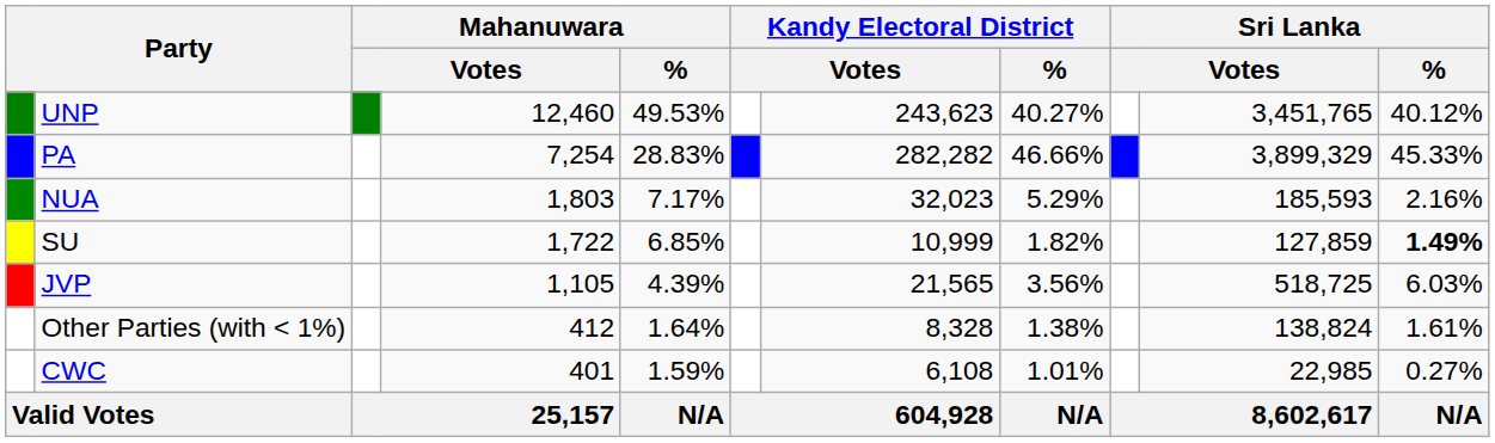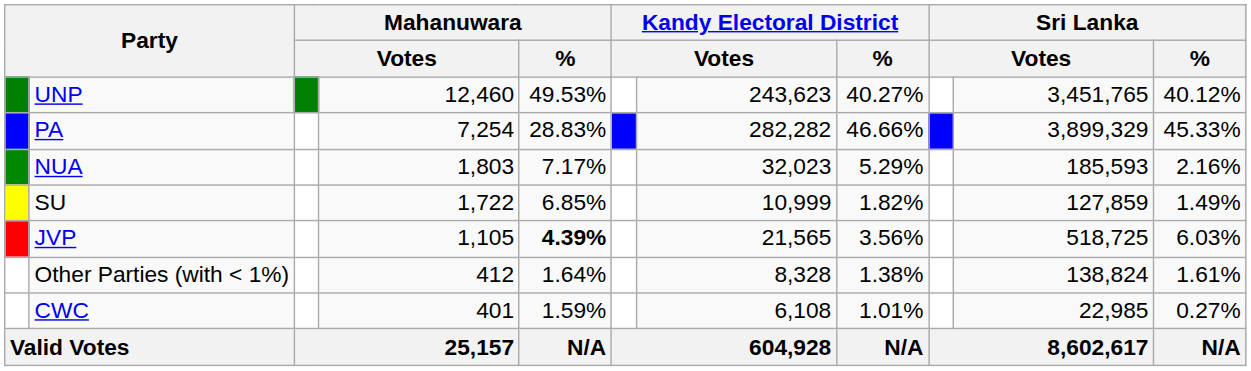 <table class="wikitable">
 <tr>
 <th colspan="2" width="144px"rowspan="2">Party</th>
 <th colspan="3" width="216px">Mahanuwara</th>
 <th colspan="3" width="216px"><a href='#'>Kandy Electoral District</a></th>
 <th colspan="3" width="216px">Sri Lanka</th>
 </tr>
 <tr>
 <th colspan="2" width="144px">Votes</th>
 <th>%</th>
 <th colspan="2" width="144px">Votes</th>
 <th>%</th>
 <th colspan="2" width="144px">Votes</th>
 <th>%</th>
 </tr>
 <tr>
 <td style="background-color:green;" width="10px"></td>
 <td style="text-align:left;"><a href='#'>UNP</a></td>
 <td style="background-color:green;" width="10px"></td>
 <td style="text-align:right;">12,460</td>
 <td style="text-align:right;">49.53%</td>
 <td style="background-color:white;" width="10px"></td>
 <td style="text-align:right;">243,623</td>
 <td style="text-align:right;">40.27%</td>
 <td style="background-color:white;" width="10px"></td>
 <td style="text-align:right;">3,451,765</td>
 <td style="text-align:right;">40.12%</td>
 </tr>
 <tr>
 <td style="background-color:blue;" width="10px"></td>
 <td style="text-align:left;"><a href='#'>PA</a></td>
 <td style="background-color:white;" width="10px"></td>
 <td style="text-align:right;">7,254</td>
 <td style="text-align:right;">28.83%</td>
 <td style="background-color:blue;" width="10px"></td>
 <td style="text-align:right;">282,282</td>
 <td style="text-align:right;">46.66%</td>
 <td style="background-color:blue;" width="10px"></td>
 <td style="text-align:right;">3,899,329</td>
 <td style="text-align:right;">45.33%</td>
 </tr>
 <tr>
 <td style="background-color:#008800;" width="10px"></td>
 <td style="text-align:left;"><a href='#'>NUA</a></td>
 <td style="background-color:white;" width="10px"></td>
 <td style="text-align:right;">1,803</td>
 <td style="text-align:right;">7.17%</td>
 <td style="background-color:white;" width="10px"></td>
 <td style="text-align:right;">32,023</td>
 <td style="text-align:right;">5.29%</td>
 <td style="background-color:white;" width="10px"></td>
 <td style="text-align:right;">185,593</td>
 <td style="text-align:right;">2.16%</td>
 </tr>
 <tr>
 <td style="background-color:yellow;" width="10px"></td>
 <td style="text-align:left;">SU</td>
 <td style="background-color:white;" width="10px"></td>
 <td style="text-align:right;">1,722</td>
 <td style="text-align:right;">6.85%</td>
 <td style="background-color:white;" width="10px"></td>
 <td style="text-align:right;">10,999</td>
 <td style="text-align:right;">1.82%</td>
 <td style="background-color:white;" width="10px"></td>
 <td style="text-align:right;">127,859</td>
-<td style="text-align:right;"><strong>1.49%</strong></td>
+<td style="text-align:right;">1.49%</td>
 </tr>
 <tr>
 <td style="background-color:red;" width="10px"></td>
 <td style="text-align:left;"><a href='#'>JVP</a></td>
 <td style="background-color:white;" width="10px"></td>
 <td style="text-align:right;">1,105</td>
-<td style="text-align:right;">4.39%</td>
+<td style="text-align:right;"><strong>4.39%</strong></td>
 <td style="background-color:white;" width="10px"></td>
 <td style="text-align:right;">21,565</td>
 <td style="text-align:right;">3.56%</td>
 <td style="background-color:white;" width="10px"></td>
 <td style="text-align:right;">518,725</td>
 <td style="text-align:right;">6.03%</td>
 </tr>
 <tr>
 <td style="background-color:white;" width="10px"></td>
 <td style="text-align:left;">Other Parties (with < 1%)</td>
 <td style="background-color:white;" width="10px"></td>
 <td style="text-align:right;">412</td>
 <td style="text-align:right;">1.64%</td>
 <td style="background-color:white;" width="10px"></td>
 <td style="text-align:right;">8,328</td>
 <td style="text-align:right;">1.38%</td>
 <td style="background-color:white;" width="10px"></td>
 <td style="text-align:right;">138,824</td>
 <td style="text-align:right;">1.61%</td>
 </tr>
 <tr>
 <td style="background-color:white;" width="10px"></td>
 <td style="text-align:left;"><a href='#'>CWC</a></td>
 <td style="background-color:white;" width="10px"></td>
 <td style="text-align:right;">401</td>
 <td style="text-align:right;">1.59%</td>
 <td style="background-color:white;" width="10px"></td>
 <td style="text-align:right;">6,108</td>
 <td style="text-align:right;">1.01%</td>
 <td style="background-color:white;" width="10px"></td>
 <td style="text-align:right;">22,985</td>
 <td style="text-align:right;">0.27%</td>
 </tr>
 <tr>
 <th colspan="2" width="144px"style="text-align:left;">Valid Votes</th>
 <th style="text-align:right;"colspan="2" width="144px">25,157</th>
 <th style="text-align:right;">N/A</th>
 <th style="text-align:right;"colspan="2" width="144px">604,928</th>
 <th style="text-align:right;">N/A</th>
 <th style="text-align:right;"colspan="2" width="144px">8,602,617</th>
 <th style="text-align:right;">N/A</th>
 </tr>
 </table>
